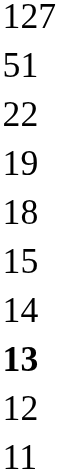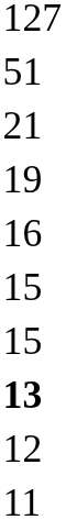 <table>
 <tr>
 <td></td>
 <td>127</td>
 </tr>
 <tr>
 <td></td>
 <td>51</td>
 </tr>
 <tr>
 <td></td>
-<td>22</td>
+<td>21</td>
 </tr>
 <tr>
 <td></td>
 <td>19</td>
 </tr>
 <tr>
 <td></td>
-<td>18</td>
+<td>16</td>
 </tr>
 <tr>
 <td></td>
 <td>15</td>
 </tr>
 <tr>
 <td></td>
-<td>14</td>
+<td>15</td>
 </tr>
 <tr>
 <td></td>
 <td><strong>13</strong></td>
 </tr>
 <tr>
 <td></td>
 <td>12</td>
 </tr>
 <tr>
 <td></td>
 <td>11</td>
 </tr>
 </table>
